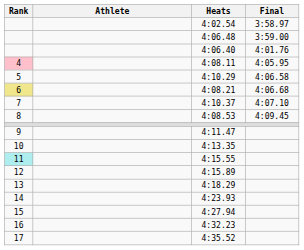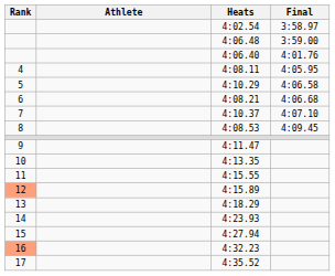 <table class=wikitable style="text-align:center">
 <tr>
 <th width=40>Rank</th>
 <th width=250>Athlete</th>
 <th width=80>Heats</th>
 <th width=80>Final</th>
 </tr>
 <tr>
 <td></td>
 <td align=left></td>
 <td>4:02.54</td>
 <td>3:58.97</td>
 </tr>
 <tr>
 <td></td>
 <td align=left></td>
 <td>4:06.48</td>
 <td>3:59.00</td>
 </tr>
 <tr>
 <td></td>
 <td align=left></td>
 <td>4:06.40</td>
 <td>4:01.76</td>
 </tr>
 <tr>
-<td style="background: pink;">4</td>
+<td>4</td>
 <td align=left></td>
 <td>4:08.11</td>
 <td>4:05.95</td>
 </tr>
 <tr>
 <td>5</td>
 <td align=left></td>
 <td>4:10.29</td>
 <td>4:06.58</td>
 </tr>
 <tr>
-<td style="background: khaki;">6</td>
+<td>6</td>
 <td align=left></td>
 <td>4:08.21</td>
 <td>4:06.68</td>
 </tr>
 <tr>
 <td>7</td>
 <td align=left></td>
 <td>4:10.37</td>
 <td>4:07.10</td>
 </tr>
 <tr>
 <td>8</td>
 <td align=left></td>
 <td>4:08.53</td>
 <td>4:09.45</td>
 </tr>
 <tr bgcolor=#DDDDDD>
 <td colspan=4></td>
 </tr>
 <tr>
 <td>9</td>
 <td align=left></td>
 <td>4:11.47</td>
 <td></td>
 </tr>
 <tr>
 <td>10</td>
 <td align=left></td>
 <td>4:13.35</td>
 <td></td>
 </tr>
 <tr>
-<td style="background: paleturquoise;">11</td>
+<td>11</td>
 <td align=left></td>
 <td>4:15.55</td>
 <td></td>
 </tr>
 <tr>
-<td>12</td>
+<td style="background: lightsalmon;">12</td>
 <td align=left></td>
 <td>4:15.89</td>
 <td></td>
 </tr>
 <tr>
 <td>13</td>
 <td align=left></td>
 <td>4:18.29</td>
 <td></td>
 </tr>
 <tr>
 <td>14</td>
 <td align=left></td>
 <td>4:23.93</td>
 <td></td>
 </tr>
 <tr>
 <td>15</td>
 <td align=left></td>
 <td>4:27.94</td>
 <td></td>
 </tr>
 <tr>
-<td>16</td>
+<td style="background: lightsalmon;">16</td>
 <td align=left></td>
 <td>4:32.23</td>
 <td></td>
 </tr>
 <tr>
 <td>17</td>
 <td align=left></td>
 <td>4:35.52</td>
 <td></td>
 </tr>
 </table>
